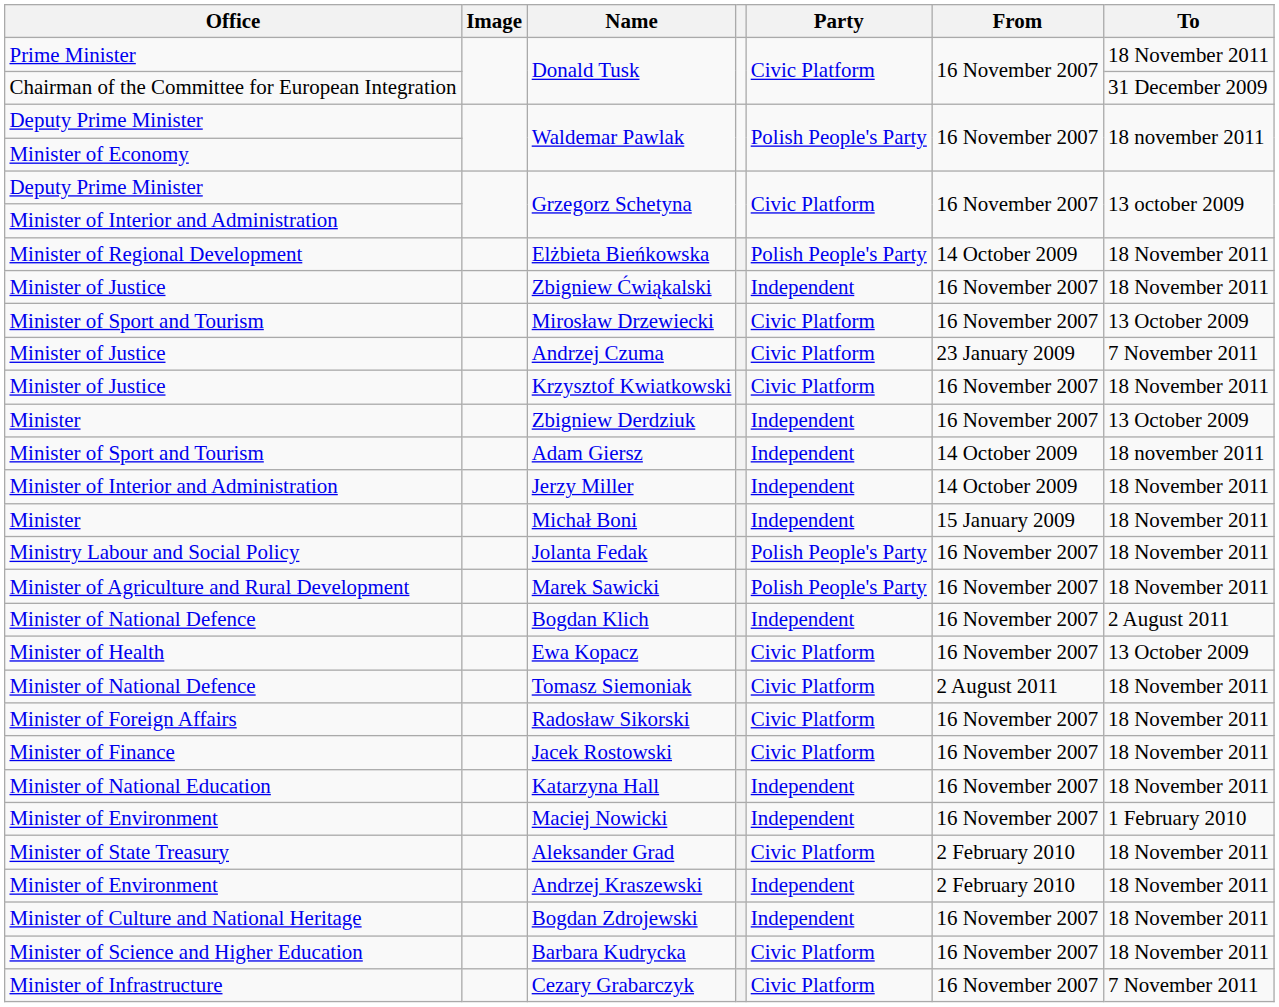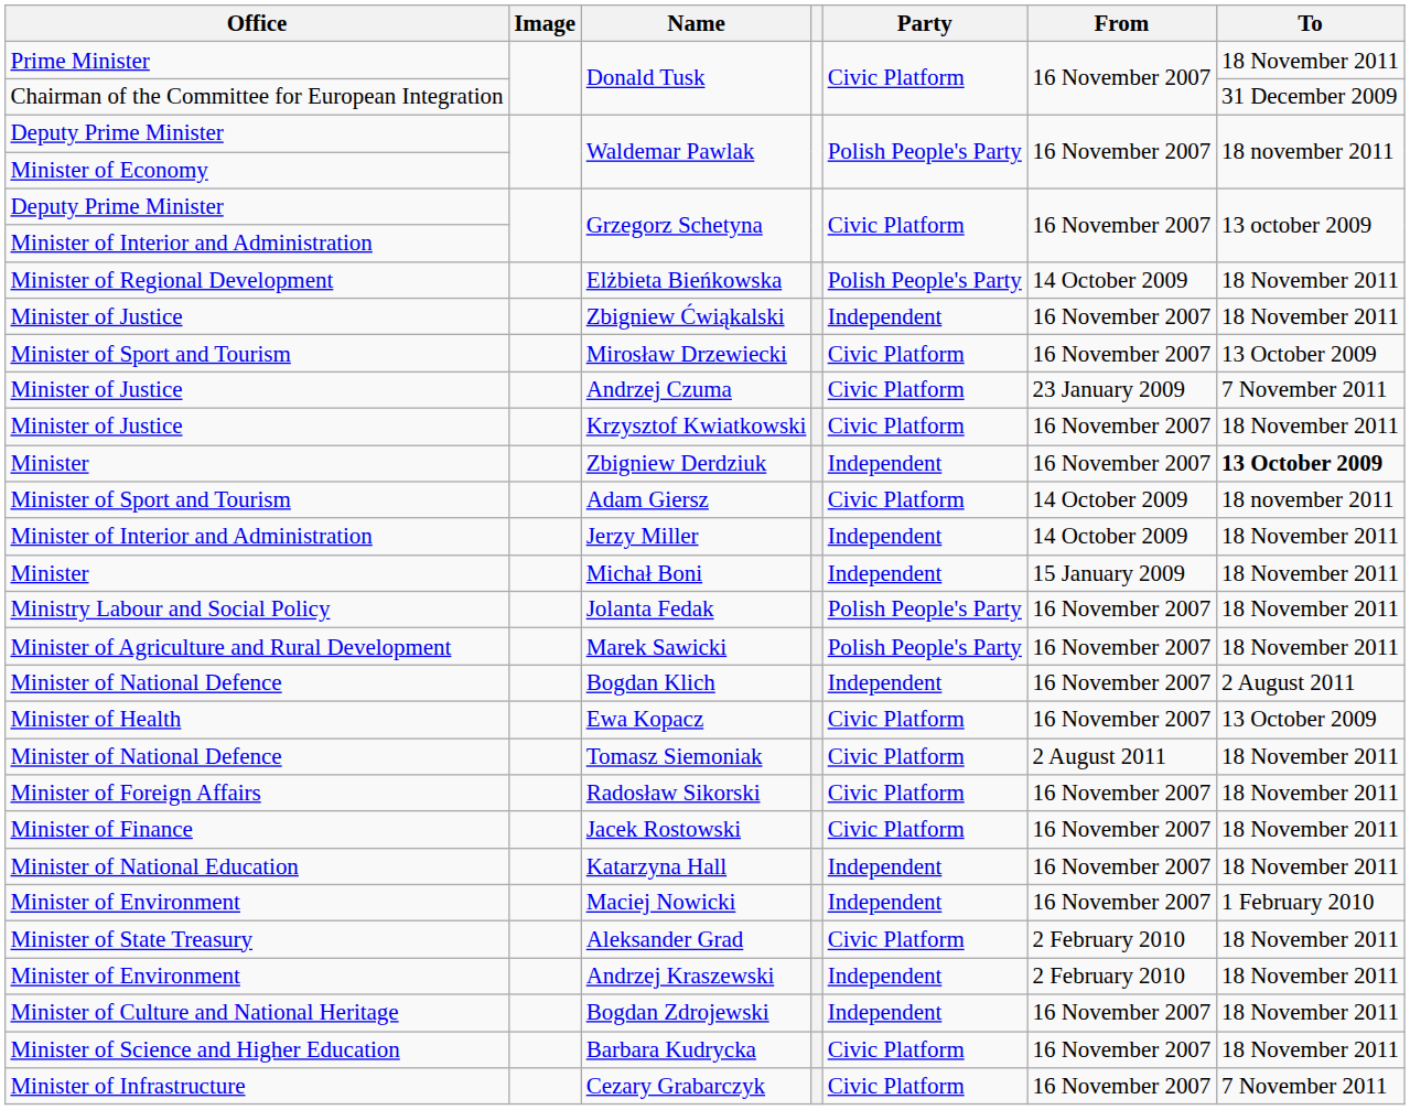 <table class="wikitable">
 <tr>
 <th>Office</th>
 <th>Image</th>
 <th>Name</th>
 <th></th>
 <th>Party</th>
 <th>From</th>
 <th>To</th>
 </tr>
 <tr>
 <td><a href='#'>Prime Minister</a></td>
 <td rowspan="2"></td>
 <td rowspan="2"><a href='#'>Donald Tusk</a></td>
 <td rowspan="2" style="background:"></td>
 <td rowspan="2"><a href='#'>Civic Platform</a></td>
 <td rowspan="2">16 November 2007</td>
 <td>18 November 2011</td>
 </tr>
 <tr>
 <td>Chairman of the Committee for European Integration</td>
 <td>31 December 2009</td>
 </tr>
 <tr>
 <td><a href='#'>Deputy Prime Minister</a></td>
 <td rowspan="2"></td>
 <td rowspan="2"><a href='#'>Waldemar Pawlak</a></td>
 <td rowspan="2" style="background:"></td>
 <td rowspan="2"><a href='#'>Polish People's Party</a></td>
 <td rowspan="2">16 November 2007</td>
 <td rowspan="2">18 november 2011</td>
 </tr>
 <tr>
 <td><a href='#'>Minister of Economy</a></td>
 </tr>
 <tr>
 <td><a href='#'>Deputy Prime Minister</a></td>
 <td rowspan="2"></td>
 <td rowspan="2"><a href='#'>Grzegorz Schetyna</a></td>
 <td rowspan="2" style="background:"></td>
 <td rowspan="2"><a href='#'>Civic Platform</a></td>
 <td rowspan="2">16 November 2007</td>
 <td rowspan="2">13 october 2009</td>
 </tr>
 <tr>
 <td><a href='#'>Minister of Interior and Administration</a></td>
 </tr>
 <tr>
 <td><a href='#'>Minister of Regional Development</a></td>
 <td></td>
 <td><a href='#'>Elżbieta Bieńkowska</a></td>
 <th style="background:"></th>
 <td><a href='#'>Polish People's Party</a></td>
 <td>14 October 2009</td>
 <td>18 November 2011</td>
 </tr>
 <tr>
 <td><a href='#'>Minister of Justice</a></td>
 <td></td>
 <td><a href='#'>Zbigniew Ćwiąkalski</a></td>
 <th style="background:"></th>
 <td><a href='#'>Independent</a></td>
 <td>16 November 2007</td>
 <td>18 November 2011</td>
 </tr>
 <tr>
 <td><a href='#'>Minister of Sport and Tourism</a></td>
 <td></td>
 <td><a href='#'>Mirosław Drzewiecki</a></td>
 <th style="background:"></th>
 <td><a href='#'>Civic Platform</a></td>
 <td>16 November 2007</td>
 <td>13 October 2009</td>
 </tr>
 <tr>
 <td><a href='#'>Minister of Justice</a></td>
 <td></td>
 <td><a href='#'>Andrzej Czuma</a></td>
 <th style="background:"></th>
 <td><a href='#'>Civic Platform</a></td>
 <td>23 January 2009</td>
 <td>7 November 2011</td>
 </tr>
 <tr>
 <td><a href='#'>Minister of Justice</a></td>
 <td></td>
 <td><a href='#'>Krzysztof Kwiatkowski</a></td>
 <th style="background:"></th>
 <td><a href='#'>Civic Platform</a></td>
 <td>16 November 2007</td>
 <td>18 November 2011</td>
 </tr>
 <tr>
 <td><a href='#'>Minister</a></td>
 <td></td>
 <td><a href='#'>Zbigniew Derdziuk</a></td>
 <th style="background:"></th>
 <td><a href='#'>Independent</a></td>
 <td>16 November 2007</td>
-<td>13 October 2009</td>
+<td><strong>13 October 2009</strong></td>
 </tr>
 <tr>
 <td><a href='#'>Minister of Sport and Tourism</a></td>
 <td></td>
 <td><a href='#'>Adam Giersz</a></td>
 <th style="background:"></th>
-<td><a href='#'>Independent</a></td>
+<td><a href='#'>Civic Platform</a></td>
 <td>14 October 2009</td>
 <td>18 november 2011</td>
 </tr>
 <tr>
 <td><a href='#'>Minister of Interior and Administration</a></td>
 <td></td>
 <td><a href='#'>Jerzy Miller</a></td>
 <th style="background:"></th>
 <td><a href='#'>Independent</a></td>
 <td>14 October 2009</td>
 <td>18 November 2011</td>
 </tr>
 <tr>
 <td><a href='#'>Minister</a></td>
 <td></td>
 <td><a href='#'>Michał Boni</a></td>
 <th style="background:"></th>
 <td><a href='#'>Independent</a></td>
 <td>15 January 2009</td>
 <td>18 November 2011</td>
 </tr>
 <tr>
 <td><a href='#'>Ministry Labour and Social Policy</a></td>
 <td></td>
 <td><a href='#'>Jolanta Fedak</a></td>
 <th style="background:"></th>
 <td><a href='#'>Polish People's Party</a></td>
 <td>16 November 2007</td>
 <td>18 November 2011</td>
 </tr>
 <tr>
 <td><a href='#'>Minister of Agriculture and Rural Development</a></td>
 <td></td>
 <td><a href='#'>Marek Sawicki</a></td>
 <th style="background:"></th>
 <td><a href='#'>Polish People's Party</a></td>
 <td>16 November 2007</td>
 <td>18 November 2011</td>
 </tr>
 <tr>
 <td><a href='#'>Minister of National Defence</a></td>
 <td></td>
 <td><a href='#'>Bogdan Klich</a></td>
 <th style="background:"></th>
 <td><a href='#'>Independent</a></td>
 <td>16 November 2007</td>
 <td>2 August 2011</td>
 </tr>
 <tr>
 <td><a href='#'>Minister of Health</a></td>
 <td></td>
 <td><a href='#'>Ewa Kopacz</a></td>
 <th style="background:"></th>
 <td><a href='#'>Civic Platform</a></td>
 <td>16 November 2007</td>
 <td>13 October 2009</td>
 </tr>
 <tr>
 <td><a href='#'>Minister of National Defence</a></td>
 <td></td>
 <td><a href='#'>Tomasz Siemoniak</a></td>
 <th style="background:"></th>
 <td><a href='#'>Civic Platform</a></td>
 <td>2 August 2011</td>
 <td>18 November 2011</td>
 </tr>
 <tr>
 <td><a href='#'>Minister of Foreign Affairs</a></td>
 <td></td>
 <td><a href='#'>Radosław Sikorski</a></td>
 <th style="background:"></th>
 <td><a href='#'>Civic Platform</a></td>
 <td>16 November 2007</td>
 <td>18 November 2011</td>
 </tr>
 <tr>
 <td><a href='#'>Minister of Finance</a></td>
 <td></td>
 <td><a href='#'>Jacek Rostowski</a></td>
 <th style="background:"></th>
 <td><a href='#'>Civic Platform</a></td>
 <td>16 November 2007</td>
 <td>18 November 2011</td>
 </tr>
 <tr>
 <td><a href='#'>Minister of National Education</a></td>
 <td></td>
 <td><a href='#'>Katarzyna Hall</a></td>
 <th style="background:"></th>
 <td><a href='#'>Independent</a></td>
 <td>16 November 2007</td>
 <td>18 November 2011</td>
 </tr>
 <tr>
 <td><a href='#'>Minister of Environment</a></td>
 <td></td>
 <td><a href='#'>Maciej Nowicki</a></td>
 <th style="background:"></th>
 <td><a href='#'>Independent</a></td>
 <td>16 November 2007</td>
 <td>1 February 2010</td>
 </tr>
 <tr>
 <td><a href='#'>Minister of State Treasury</a></td>
 <td></td>
 <td><a href='#'>Aleksander Grad</a></td>
 <th style="background:"></th>
 <td><a href='#'>Civic Platform</a></td>
 <td>2 February 2010</td>
 <td>18 November 2011</td>
 </tr>
 <tr>
 <td><a href='#'>Minister of Environment</a></td>
 <td></td>
 <td><a href='#'>Andrzej Kraszewski</a></td>
 <th style="background:"></th>
 <td><a href='#'>Independent</a></td>
 <td>2 February 2010</td>
 <td>18 November 2011</td>
 </tr>
 <tr>
 <td><a href='#'>Minister of Culture and National Heritage</a></td>
 <td></td>
 <td><a href='#'>Bogdan Zdrojewski</a></td>
 <th style="background:"></th>
 <td><a href='#'>Independent</a></td>
 <td>16 November 2007</td>
 <td>18 November 2011</td>
 </tr>
 <tr>
 <td><a href='#'>Minister of Science and Higher Education</a></td>
 <td></td>
 <td><a href='#'>Barbara Kudrycka</a></td>
 <th style="background:"></th>
 <td><a href='#'>Civic Platform</a></td>
 <td>16 November 2007</td>
 <td>18 November 2011</td>
 </tr>
 <tr>
 <td><a href='#'>Minister of Infrastructure</a></td>
 <td></td>
 <td><a href='#'>Cezary Grabarczyk</a></td>
 <th style="background:"></th>
 <td><a href='#'>Civic Platform</a></td>
 <td>16 November 2007</td>
 <td>7 November 2011</td>
 </tr>
 </table>
